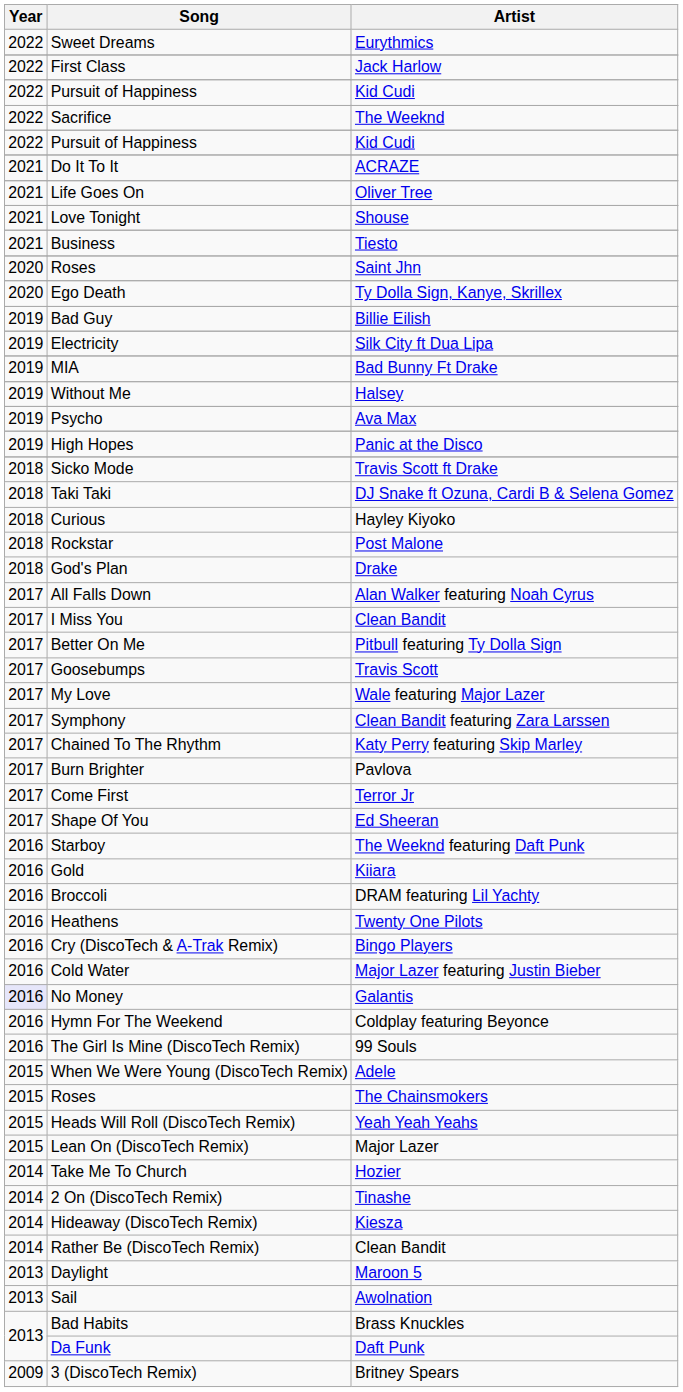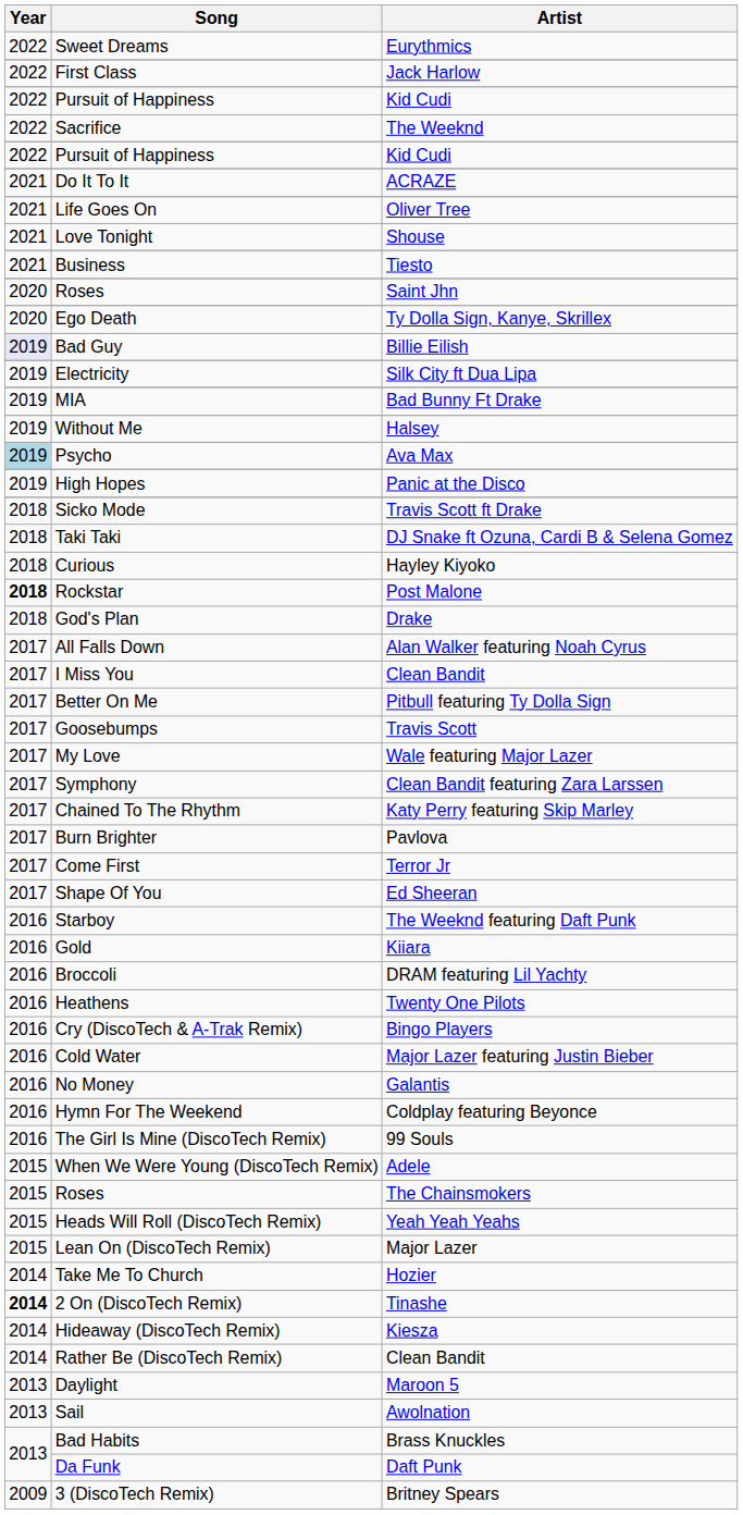 <table class="wikitable">
 <tr>
 <th>Year</th>
 <th>Song</th>
 <th>Artist</th>
 </tr>
 <tr>
 <td>2022</td>
 <td>Sweet Dreams</td>
 <td><a href='#'>Eurythmics</a></td>
 </tr>
 <tr>
 </tr>
 <tr>
 <td>2022</td>
 <td>First Class</td>
 <td><a href='#'>Jack Harlow</a></td>
 </tr>
 <tr>
 </tr>
 <tr>
 <td>2022</td>
 <td>Pursuit of Happiness</td>
 <td><a href='#'>Kid Cudi</a></td>
 </tr>
 <tr>
 </tr>
 <tr>
 <td>2022</td>
 <td>Sacrifice</td>
 <td><a href='#'>The Weeknd</a></td>
 </tr>
 <tr>
 </tr>
 <tr>
 <td>2022</td>
 <td>Pursuit of Happiness</td>
 <td><a href='#'>Kid Cudi</a></td>
 </tr>
 <tr>
 </tr>
 <tr>
 <td>2021</td>
 <td>Do It To It</td>
 <td><a href='#'>ACRAZE</a></td>
 </tr>
 <tr>
 </tr>
 <tr>
 <td>2021</td>
 <td>Life Goes On</td>
 <td><a href='#'>Oliver Tree</a></td>
 </tr>
 <tr>
 </tr>
 <tr>
 <td>2021</td>
 <td>Love Tonight</td>
 <td><a href='#'>Shouse</a></td>
 </tr>
 <tr>
 </tr>
 <tr>
 <td>2021</td>
 <td>Business</td>
 <td><a href='#'>Tiesto</a></td>
 </tr>
 <tr>
 </tr>
 <tr>
 <td>2020</td>
 <td>Roses</td>
 <td><a href='#'>Saint Jhn</a></td>
 </tr>
 <tr>
 </tr>
 <tr>
 <td>2020</td>
 <td>Ego Death</td>
 <td><a href='#'>Ty Dolla Sign, Kanye, Skrillex</a></td>
 </tr>
 <tr>
 </tr>
 <tr>
-<td>2019</td>
+<td style="background: lavender;">2019</td>
 <td>Bad Guy</td>
 <td><a href='#'>Billie Eilish</a></td>
 </tr>
 <tr>
 </tr>
 <tr>
 <td>2019</td>
 <td>Electricity</td>
 <td><a href='#'>Silk City ft Dua Lipa</a></td>
 </tr>
 <tr>
 </tr>
 <tr>
 <td>2019</td>
 <td>MIA</td>
 <td><a href='#'>Bad Bunny Ft Drake</a></td>
 </tr>
 <tr>
 </tr>
 <tr>
 <td>2019</td>
 <td>Without Me</td>
 <td><a href='#'>Halsey</a></td>
 </tr>
 <tr>
 </tr>
 <tr>
-<td>2019</td>
+<td style="background: lightblue;">2019</td>
 <td>Psycho</td>
 <td><a href='#'>Ava Max</a></td>
 </tr>
 <tr>
 </tr>
 <tr>
 <td>2019</td>
 <td>High Hopes</td>
 <td><a href='#'>Panic at the Disco</a></td>
 </tr>
 <tr>
 </tr>
 <tr>
 <td>2018</td>
 <td>Sicko Mode</td>
 <td><a href='#'>Travis Scott ft Drake</a></td>
 </tr>
 <tr>
 <td>2018</td>
 <td>Taki Taki</td>
 <td><a href='#'>DJ Snake ft Ozuna, Cardi B & Selena Gomez</a></td>
 </tr>
 <tr>
 <td>2018</td>
 <td>Curious</td>
 <td>Hayley Kiyoko</td>
 </tr>
 <tr>
-<td>2018</td>
+<td><strong>2018</strong></td>
 <td>Rockstar</td>
 <td><a href='#'>Post Malone</a></td>
 </tr>
 <tr>
 <td>2018</td>
 <td>God's Plan</td>
 <td><a href='#'>Drake</a></td>
 </tr>
 <tr>
 <td>2017</td>
 <td>All Falls Down</td>
 <td><a href='#'>Alan Walker</a> featuring <a href='#'>Noah Cyrus</a></td>
 </tr>
 <tr>
 <td>2017</td>
 <td>I Miss You</td>
 <td><a href='#'>Clean Bandit</a></td>
 </tr>
 <tr>
 <td>2017</td>
 <td>Better On Me</td>
 <td><a href='#'>Pitbull</a> featuring <a href='#'>Ty Dolla Sign</a></td>
 </tr>
 <tr>
 <td>2017</td>
 <td>Goosebumps</td>
 <td><a href='#'>Travis Scott</a></td>
 </tr>
 <tr>
 <td>2017</td>
 <td>My Love</td>
 <td><a href='#'>Wale</a> featuring <a href='#'>Major Lazer</a></td>
 </tr>
 <tr>
 <td>2017</td>
 <td>Symphony</td>
 <td><a href='#'>Clean Bandit</a> featuring <a href='#'>Zara Larssen</a></td>
 </tr>
 <tr>
 <td>2017</td>
 <td>Chained To The Rhythm</td>
 <td><a href='#'>Katy Perry</a> featuring <a href='#'>Skip Marley</a></td>
 </tr>
 <tr>
 <td>2017</td>
 <td>Burn Brighter</td>
 <td>Pavlova</td>
 </tr>
 <tr>
 <td>2017</td>
 <td>Come First</td>
 <td><a href='#'>Terror Jr</a></td>
 </tr>
 <tr>
 <td>2017</td>
 <td>Shape Of You</td>
 <td><a href='#'>Ed Sheeran</a></td>
 </tr>
 <tr>
 <td>2016</td>
 <td>Starboy</td>
 <td><a href='#'>The Weeknd</a> featuring <a href='#'>Daft Punk</a></td>
 </tr>
 <tr>
 <td>2016</td>
 <td>Gold</td>
 <td><a href='#'>Kiiara</a></td>
 </tr>
 <tr>
 <td>2016</td>
 <td>Broccoli</td>
 <td>DRAM featuring <a href='#'>Lil Yachty</a></td>
 </tr>
 <tr>
 <td>2016</td>
 <td>Heathens</td>
 <td><a href='#'>Twenty One Pilots</a></td>
 </tr>
 <tr>
 <td>2016</td>
 <td>Cry (DiscoTech & <a href='#'>A-Trak</a> Remix)</td>
 <td><a href='#'>Bingo Players</a></td>
 </tr>
 <tr>
 <td>2016</td>
 <td>Cold Water</td>
 <td><a href='#'>Major Lazer</a> featuring <a href='#'>Justin Bieber</a></td>
 </tr>
 <tr>
-<td style="background: lavender;">2016</td>
+<td>2016</td>
 <td>No Money</td>
 <td><a href='#'>Galantis</a></td>
 </tr>
 <tr>
 <td>2016</td>
 <td>Hymn For The Weekend</td>
 <td>Coldplay featuring Beyonce</td>
 </tr>
 <tr>
 <td>2016</td>
 <td>The Girl Is Mine (DiscoTech Remix)</td>
 <td>99 Souls</td>
 </tr>
 <tr>
 <td>2015</td>
 <td>When We Were Young (DiscoTech Remix)</td>
 <td><a href='#'>Adele</a></td>
 </tr>
 <tr>
 <td>2015</td>
 <td>Roses</td>
 <td><a href='#'>The Chainsmokers</a></td>
 </tr>
 <tr>
 <td>2015</td>
 <td>Heads Will Roll (DiscoTech Remix)</td>
 <td><a href='#'>Yeah Yeah Yeahs</a></td>
 </tr>
 <tr>
 <td>2015</td>
 <td>Lean On (DiscoTech Remix)</td>
 <td>Major Lazer</td>
 </tr>
 <tr>
 <td>2014</td>
 <td>Take Me To Church</td>
 <td><a href='#'>Hozier</a></td>
 </tr>
 <tr>
-<td>2014</td>
+<td><strong>2014</strong></td>
 <td>2 On (DiscoTech Remix)</td>
 <td><a href='#'>Tinashe</a></td>
 </tr>
 <tr>
 <td>2014</td>
 <td>Hideaway (DiscoTech Remix)</td>
 <td><a href='#'>Kiesza</a></td>
 </tr>
 <tr>
 <td>2014</td>
 <td>Rather Be (DiscoTech Remix)</td>
 <td>Clean Bandit</td>
 </tr>
 <tr>
 <td>2013</td>
 <td>Daylight</td>
 <td><a href='#'>Maroon 5</a></td>
 </tr>
 <tr>
 <td>2013</td>
 <td>Sail</td>
 <td><a href='#'>Awolnation</a></td>
 </tr>
 <tr>
 <td rowspan="2">2013</td>
 <td>Bad Habits</td>
 <td>Brass Knuckles</td>
 </tr>
 <tr>
 <td><a href='#'>Da Funk</a></td>
 <td><a href='#'>Daft Punk</a></td>
 </tr>
 <tr>
 <td>2009</td>
 <td>3 (DiscoTech Remix)</td>
 <td>Britney Spears</td>
 </tr>
 </table>
